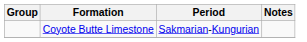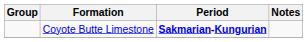 <table class="wikitable sortable">
 <tr>
 <th>Group</th>
 <th>Formation</th>
 <th>Period</th>
 <th>Notes</th>
 </tr>
 <tr>
 <td></td>
 <td><a href='#'>Coyote Butte Limestone</a></td>
-<td style="background-color: "><a href='#'>Sakmarian</a>-<a href='#'>Kungurian</a></td>
+<td style="background-color: "><strong><a href='#'>Sakmarian</a>-<a href='#'>Kungurian</a></strong></td>
 <td align=center></td>
 </tr>
 <tr>
 </tr>
 </table>
